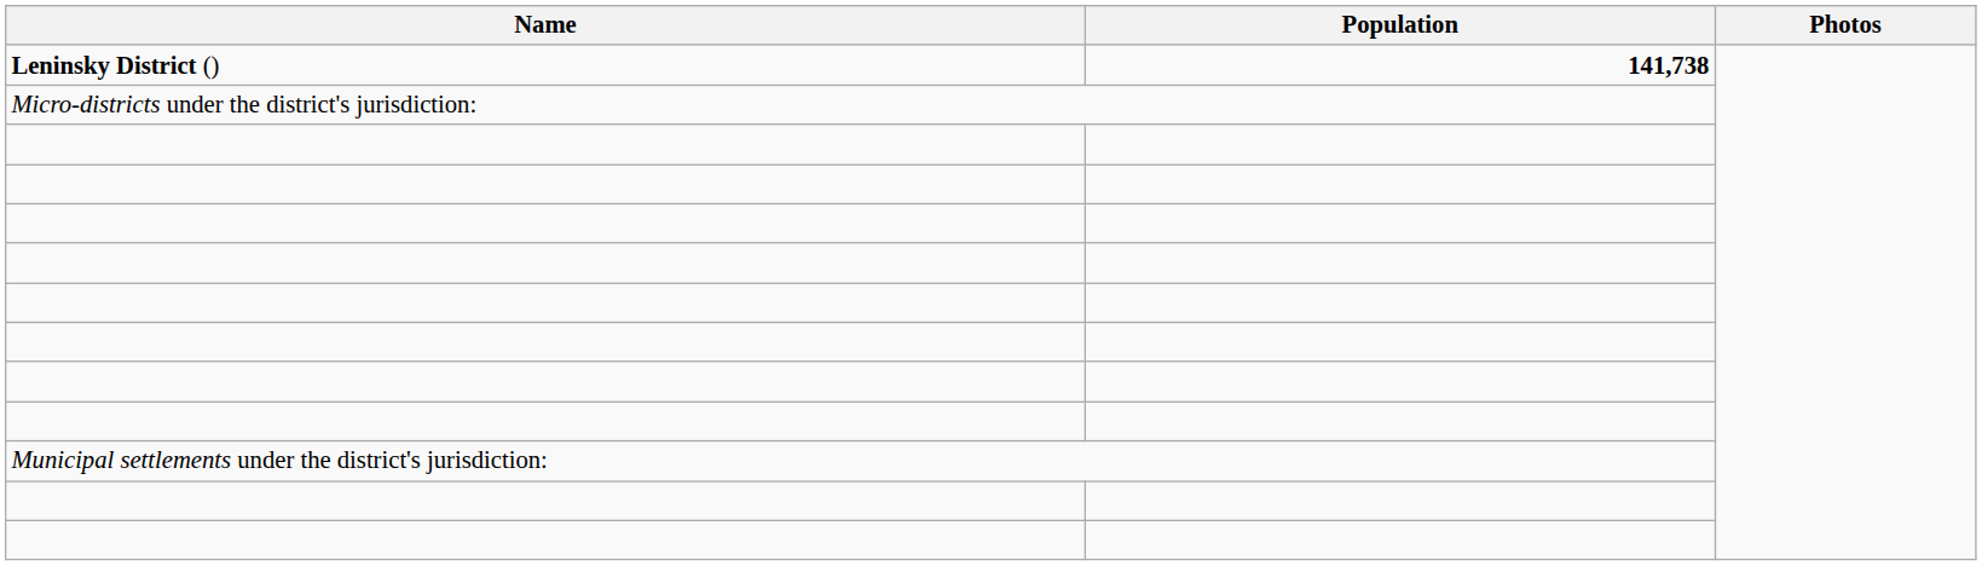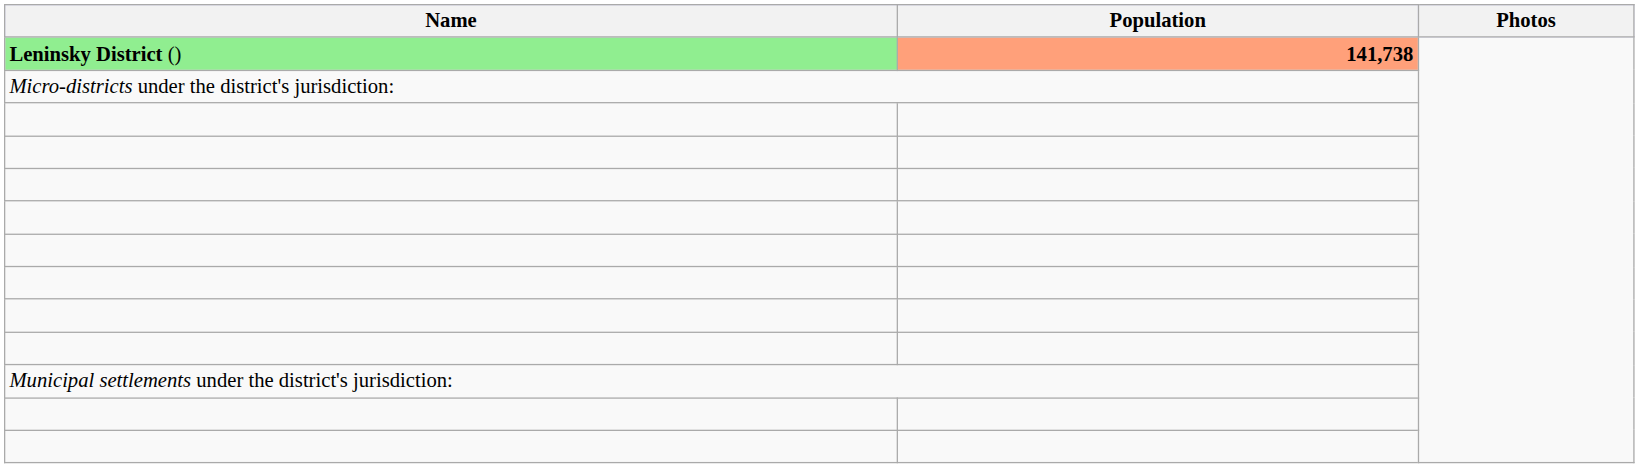 <table width=100% class="wikitable">
 <tr bgcolor="#CCCCFF" align="left">
 <th>Name</th>
 <th>Population</th>
 <th>Photos</th>
 </tr>
 <tr valign="top">
-<td><strong>Leninsky District</strong> ()</td>
-<td align="right"><strong>141,738</strong></td>
+<td style="background: lightgreen;"><strong>Leninsky District</strong> ()</td>
+<td align="right" style="background: lightsalmon;"><strong>141,738</strong></td>
 <td rowspan=16></td>
 </tr>
 <tr valign="top">
 <td colspan=2><em>Micro-districts</em> under the district's jurisdiction:</td>
 </tr>
 <tr>
 <td><br></td>
 <td align="right"></td>
 </tr>
 <tr>
 <td><br></td>
 <td align="right"></td>
 </tr>
 <tr>
 <td><br></td>
 <td align="right"></td>
 </tr>
 <tr>
 <td><br></td>
 <td align="right"></td>
 </tr>
 <tr>
 <td><br></td>
 <td align="right"></td>
 </tr>
 <tr>
 <td><br></td>
 <td align="right"></td>
 </tr>
 <tr>
 <td><br></td>
 <td align="right"></td>
 </tr>
 <tr>
 <td><br></td>
 <td align="right"></td>
 </tr>
 <tr valign="top">
 <td colspan=2><em>Municipal settlements</em> under the district's jurisdiction:</td>
 </tr>
 <tr>
 <td><br></td>
 <td align="right"></td>
 </tr>
 <tr>
 <td><br></td>
 <td align="right"></td>
 </tr>
 </table>
